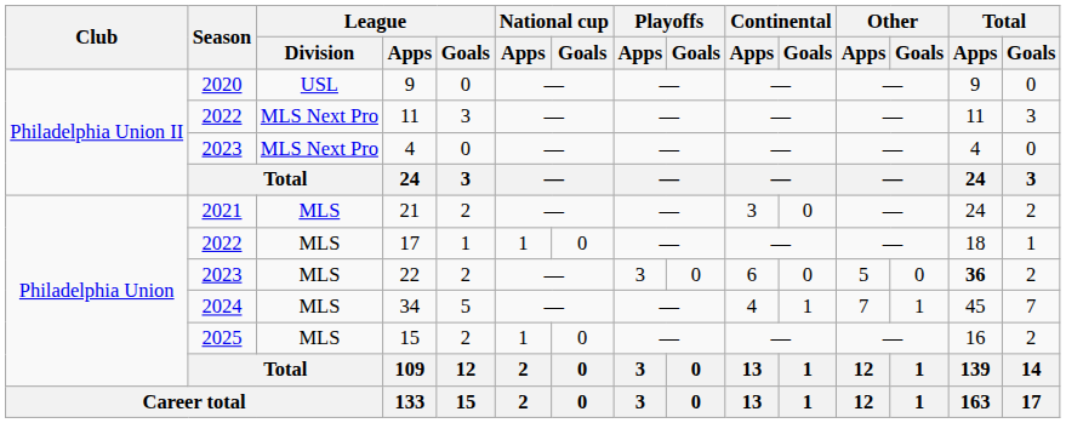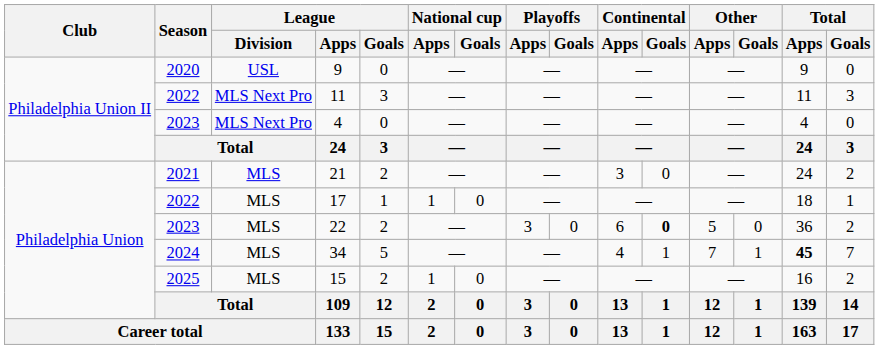 <table class=wikitable style=text-align:center>
 <tr>
 <th rowspan=2>Club</th>
 <th rowspan=2>Season</th>
 <th colspan=3>League</th>
 <th colspan=2>National cup</th>
 <th colspan=2>Playoffs</th>
 <th colspan=2>Continental</th>
 <th colspan=2>Other</th>
 <th colspan=2>Total</th>
 </tr>
 <tr>
 <th>Division</th>
 <th>Apps</th>
 <th>Goals</th>
 <th>Apps</th>
 <th>Goals</th>
 <th>Apps</th>
 <th>Goals</th>
 <th>Apps</th>
 <th>Goals</th>
 <th>Apps</th>
 <th>Goals</th>
 <th>Apps</th>
 <th>Goals</th>
 </tr>
 <tr>
 <td rowspan="4"><a href='#'>Philadelphia Union II</a></td>
 <td><a href='#'>2020</a></td>
 <td><a href='#'>USL</a></td>
 <td>9</td>
 <td>0</td>
 <td colspan=2>—</td>
 <td colspan=2>—</td>
 <td colspan=2>—</td>
 <td colspan=2>—</td>
 <td>9</td>
 <td>0</td>
 </tr>
 <tr>
 <td><a href='#'>2022</a></td>
 <td><a href='#'>MLS Next Pro</a></td>
 <td>11</td>
 <td>3</td>
 <td colspan=2>—</td>
 <td colspan=2>—</td>
 <td colspan=2>—</td>
 <td colspan=2>—</td>
 <td>11</td>
 <td>3</td>
 </tr>
 <tr>
 <td><a href='#'>2023</a></td>
 <td><a href='#'>MLS Next Pro</a></td>
 <td>4</td>
 <td>0</td>
 <td colspan=2>—</td>
 <td colspan=2>—</td>
 <td colspan=2>—</td>
 <td colspan=2>—</td>
 <td>4</td>
 <td>0</td>
 </tr>
 <tr>
 <th colspan=2>Total</th>
 <th>24</th>
 <th>3</th>
 <th colspan=2>—</th>
 <th colspan=2>—</th>
 <th colspan=2>—</th>
 <th colspan=2>—</th>
 <th>24</th>
 <th>3</th>
 </tr>
 <tr>
 <td rowspan="6"><a href='#'>Philadelphia Union</a></td>
 <td><a href='#'>2021</a></td>
 <td><a href='#'>MLS</a></td>
 <td>21</td>
 <td>2</td>
 <td colspan=2>—</td>
 <td colspan=2>—</td>
 <td>3</td>
 <td>0</td>
 <td colspan=2>—</td>
 <td>24</td>
 <td>2</td>
 </tr>
 <tr>
 <td><a href='#'>2022</a></td>
 <td>MLS</td>
 <td>17</td>
 <td>1</td>
 <td>1</td>
 <td>0</td>
 <td colspan=2>—</td>
 <td colspan=2>—</td>
 <td colspan=2>—</td>
 <td>18</td>
 <td>1</td>
 </tr>
 <tr>
 <td><a href='#'>2023</a></td>
 <td>MLS</td>
 <td>22</td>
 <td>2</td>
 <td colspan=2>—</td>
 <td>3</td>
 <td>0</td>
 <td>6</td>
-<td>0</td>
+<td><strong>0</strong></td>
 <td>5</td>
 <td>0</td>
-<td><strong>36</strong></td>
+<td>36</td>
 <td>2</td>
 </tr>
 <tr>
 <td><a href='#'>2024</a></td>
 <td>MLS</td>
 <td>34</td>
 <td>5</td>
 <td colspan=2>—</td>
 <td colspan=2>—</td>
 <td>4</td>
 <td>1</td>
 <td>7</td>
 <td>1</td>
-<td>45</td>
+<td><strong>45</strong></td>
 <td>7</td>
 </tr>
 <tr>
 <td><a href='#'>2025</a></td>
 <td>MLS</td>
 <td>15</td>
 <td>2</td>
 <td>1</td>
 <td>0</td>
 <td colspan=2>—</td>
 <td colspan=2>—</td>
 <td colspan=2>—</td>
 <td>16</td>
 <td>2</td>
 </tr>
 <tr>
 <th colspan=2>Total</th>
 <th>109</th>
 <th>12</th>
 <th>2</th>
 <th>0</th>
 <th>3</th>
 <th>0</th>
 <th>13</th>
 <th>1</th>
 <th>12</th>
 <th>1</th>
 <th>139</th>
 <th>14</th>
 </tr>
 <tr>
 <th colspan=3>Career total</th>
 <th>133</th>
 <th>15</th>
 <th>2</th>
 <th>0</th>
 <th>3</th>
 <th>0</th>
 <th>13</th>
 <th>1</th>
 <th>12</th>
 <th>1</th>
 <th>163</th>
 <th>17</th>
 </tr>
 </table>
